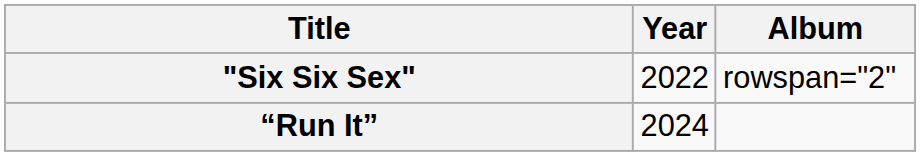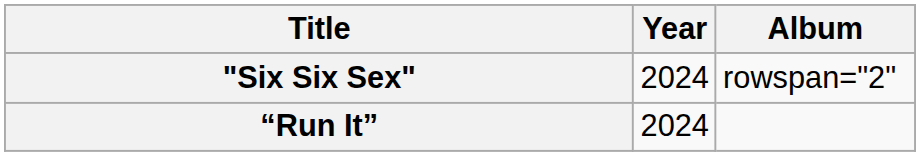 <table class="wikitable plainrowheaders" style="text-align:left;">
 <tr>
 <th scope="col"  style="width:20em;">Title</th>
 <th scope="col"  style="width:2em;">Year</th>
 <th scope="col"  style="width:6em;">Album</th>
 </tr>
 <tr>
 <th scope="row">"Six Six Sex"<br></th>
-<td>2022</td>
+<td>2024</td>
 <td>rowspan="2" </td>
 </tr>
 <tr>
 <th scope="row">“Run It” <br></th>
 <td>2024</td>
 </tr>
 </table>
